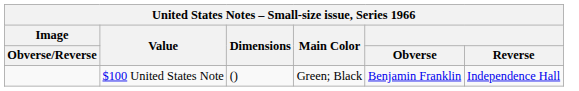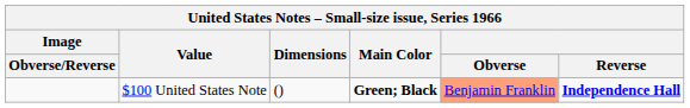 <table class="wikitable" style="font-size: 90%">
 <tr>
 <th colspan="12">United States Notes – Small-size issue, Series 1966</th>
 </tr>
 <tr>
 <th colspan="1">Image</th>
 <th rowspan="2">Value</th>
 <th rowspan="2">Dimensions</th>
 <th rowspan="2">Main Color</th>
 <th colspan="2"></th>
 </tr>
 <tr>
 <th>Obverse/Reverse</th>
 <th>Obverse</th>
 <th>Reverse</th>
 </tr>
 <tr>
 <td align="center"></td>
 <td><a href='#'>$100</a> United States Note</td>
 <td> ()</td>
-<td>Green; Black</td>
-<td><a href='#'>Benjamin Franklin</a></td>
-<td><a href='#'>Independence Hall</a></td>
+<td><strong>Green; Black</strong></td>
+<td style="background: lightsalmon;"><a href='#'>Benjamin Franklin</a></td>
+<td><strong><a href='#'>Independence Hall</a></strong></td>
 </tr>
 </table>
